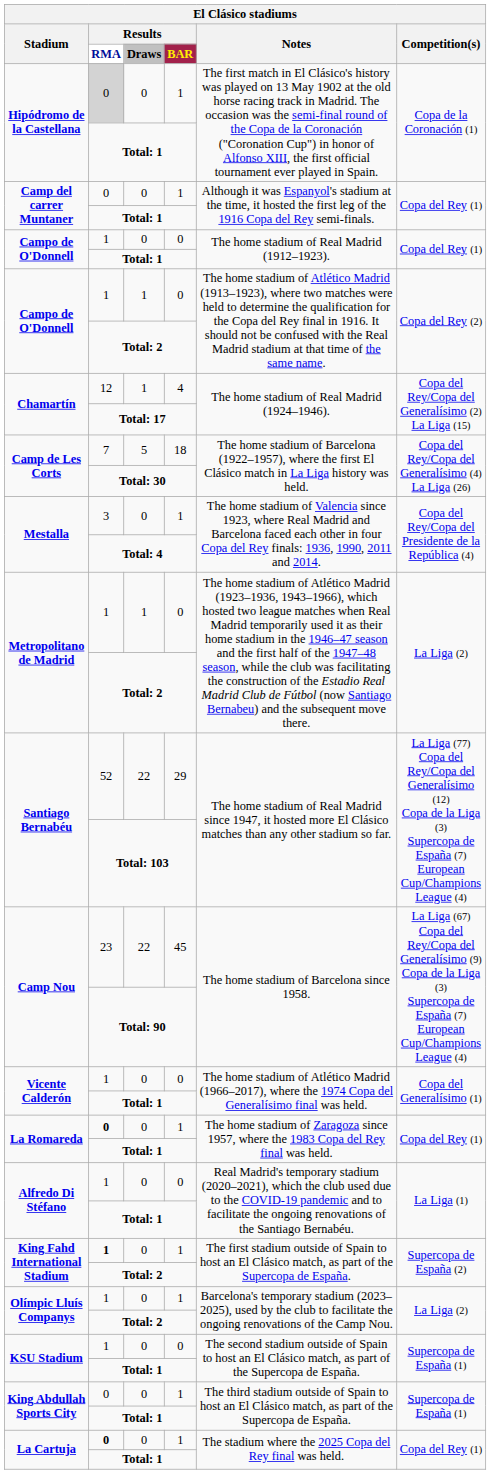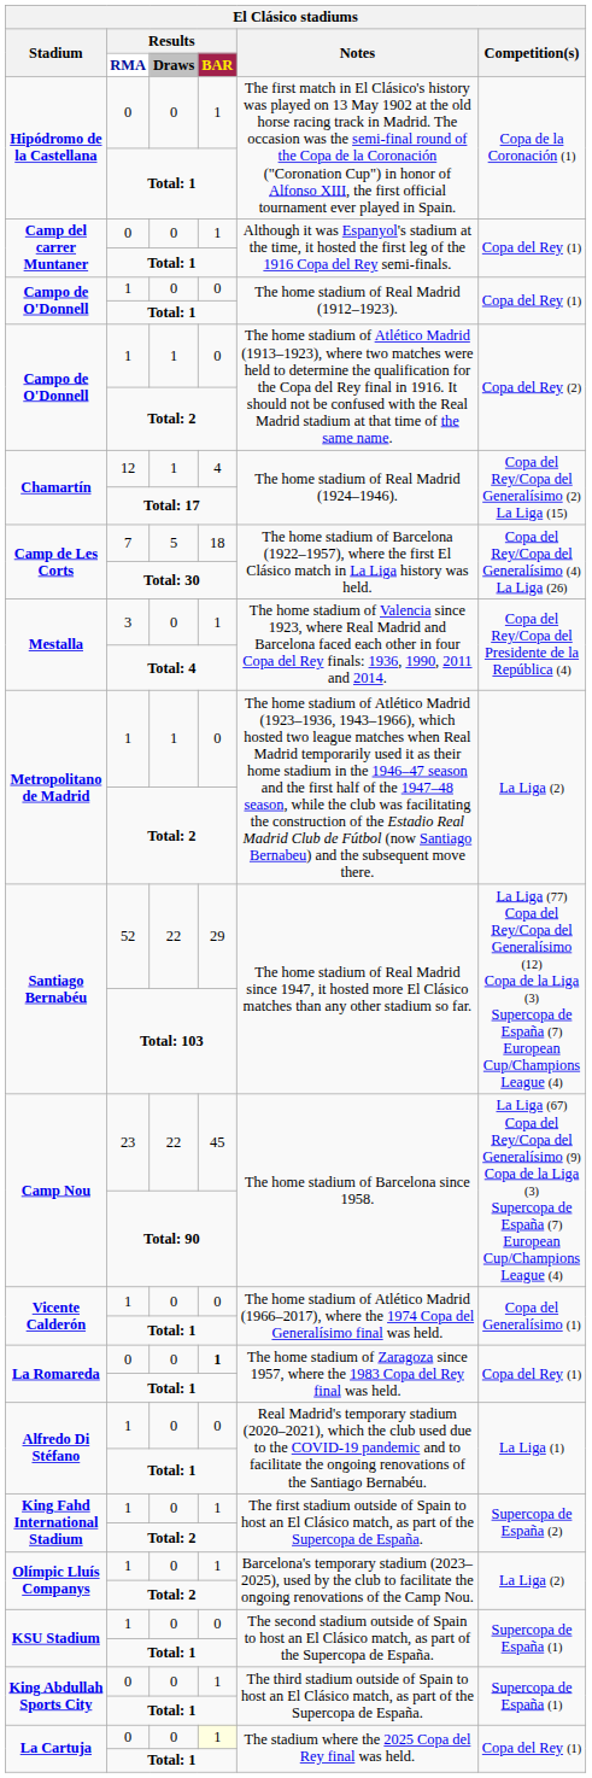 <table class="wikitable" style="font-size:99%; width: 99%; text-align: center;">
 <tr>
 <th colspan="8" style="text-align: center;">El Clásico stadiums</th>
 </tr>
 <tr>
 <th style=width:12% rowspan="2">Stadium</th>
 <th style=width:5% colspan="3">Results</th>
 <th style=width:40% rowspan="2">Notes</th>
 <th style=width:15% rowspan="2">Competition(s)</th>
 </tr>
 <tr>
 <th style="color:#000c99; background:#fff;">RMA</th>
 <td style="background:silver;"><strong>Draws</strong></td>
 <th style="color:#fff000; background:#A2214B;">BAR</th>
 </tr>
 <tr>
 <td style=width:10% rowspan="2"><strong><a href='#'>Hipódromo de la Castellana</a></strong></td>
-<td style="background: lightgrey;">0</td>
+<td>0</td>
 <td>0</td>
 <td>1</td>
 <td style=width:10% rowspan="2">The first match in El Clásico's history was played on 13 May 1902 at the old horse racing track in Madrid. The occasion was the <a href='#'>semi-final round of the Copa de la Coronación</a> ("Coronation Cup") in honor of <a href='#'>Alfonso XIII</a>, the first official tournament ever played in Spain.</td>
 <td style=width:10% rowspan="2"><a href='#'>Copa de la Coronación</a> <small>(1)</small></td>
 </tr>
 <tr>
 <td style=width:5% colspan="3"><strong>Total: 1</strong></td>
 </tr>
 <tr>
 <td style=width:10% rowspan="2"><strong><a href='#'>Camp del carrer Muntaner</a></strong></td>
 <td>0</td>
 <td>0</td>
 <td>1</td>
 <td style=width:10% rowspan="2">Although it was <a href='#'>Espanyol</a>'s stadium at the time, it hosted the first leg of the <a href='#'>1916 Copa del Rey</a> semi-finals.</td>
 <td style=width:10% rowspan="2"><a href='#'>Copa del Rey</a> <small>(1)</small></td>
 </tr>
 <tr>
 <td style=width:5% colspan="3"><strong>Total: 1</strong></td>
 </tr>
 <tr>
 <td style=width:10% rowspan="2"><strong><a href='#'>Campo de O'Donnell</a></strong></td>
 <td>1</td>
 <td>0</td>
 <td>0</td>
 <td style=width:10% rowspan="2">The home stadium of Real Madrid (1912–1923).</td>
 <td style=width:10% rowspan="2"><a href='#'>Copa del Rey</a> <small>(1)</small></td>
 </tr>
 <tr>
 <td style=width:5% colspan="3"><strong>Total: 1</strong></td>
 </tr>
 <tr>
 <td style=width:10% rowspan="2"><strong><a href='#'>Campo de O'Donnell</a></strong></td>
 <td>1</td>
 <td>1</td>
 <td>0</td>
 <td style=width:10% rowspan="2">The home stadium of <a href='#'>Atlético Madrid</a> (1913–1923), where two matches were held to determine the qualification for the Copa del Rey final in 1916. It should not be confused with the Real Madrid stadium at that time of <a href='#'>the same name</a>.</td>
 <td style=width:10% rowspan="2"><a href='#'>Copa del Rey</a> <small>(2)</small></td>
 </tr>
 <tr>
 <td style=width:5% colspan="3"><strong>Total: 2</strong></td>
 </tr>
 <tr>
 <td style=width:10% rowspan="2"><strong><a href='#'>Chamartín</a></strong></td>
 <td>12</td>
 <td>1</td>
 <td>4</td>
 <td style=width:10% rowspan="2">The home stadium of Real Madrid (1924–1946).</td>
 <td style=width:10% rowspan="2"><a href='#'>Copa del Rey/Copa del Generalísimo</a> <small>(2)</small> <br> <a href='#'>La Liga</a> <small>(15)</small></td>
 </tr>
 <tr>
 <td style=width:5% colspan="3"><strong>Total: 17</strong></td>
 </tr>
 <tr>
 <td style=width:10% rowspan="2"><strong><a href='#'>Camp de Les Corts</a></strong></td>
 <td>7</td>
 <td>5</td>
 <td>18</td>
 <td style=width:10% rowspan="2">The home stadium of Barcelona (1922–1957), where the first El Clásico match in <a href='#'>La Liga</a> history was held.</td>
 <td style=width:10% rowspan="2"><a href='#'>Copa del Rey/Copa del Generalísimo</a> <small>(4)</small> <br> <a href='#'>La Liga</a> <small>(26)</small></td>
 </tr>
 <tr>
 <td style=width:5% colspan="3"><strong>Total: 30</strong></td>
 </tr>
 <tr>
 <td style=width:10% rowspan="2"><strong><a href='#'>Mestalla</a></strong></td>
 <td>3</td>
 <td>0</td>
 <td>1</td>
 <td style=width:10% rowspan="2">The home stadium of <a href='#'>Valencia</a> since 1923, where Real Madrid and Barcelona faced each other in four <a href='#'>Copa del Rey</a> finals: <a href='#'>1936</a>, <a href='#'>1990</a>, <a href='#'>2011</a> and <a href='#'>2014</a>.</td>
 <td style=width:10% rowspan="2"><a href='#'>Copa del Rey/Copa del Presidente de la República</a> <small>(4)</small></td>
 </tr>
 <tr>
 <td style=width:5% colspan="3"><strong>Total: 4</strong></td>
 </tr>
 <tr>
 <td style=width:10% rowspan="2"><strong><a href='#'>Metropolitano de Madrid</a></strong></td>
 <td>1</td>
 <td>1</td>
 <td>0</td>
 <td style=width:10% rowspan="2">The home stadium of Atlético Madrid (1923–1936, 1943–1966), which hosted two league matches when Real Madrid temporarily used it as their home stadium in the <a href='#'>1946–47 season</a> and the first half of the <a href='#'>1947–48 season</a>, while the club was facilitating the construction of the <em>Estadio Real Madrid Club de Fútbol</em> (now <a href='#'>Santiago Bernabeu</a>) and the subsequent move there.</td>
 <td style=width:10% rowspan="2"><a href='#'>La Liga</a> <small>(2)</small></td>
 </tr>
 <tr>
 <td style=width:5% colspan="3"><strong>Total: 2</strong></td>
 </tr>
 <tr>
 <td style=width:10% rowspan="2"><strong><a href='#'>Santiago Bernabéu</a></strong></td>
 <td>52</td>
 <td>22</td>
 <td>29</td>
 <td style=width:10% rowspan="2">The home stadium of Real Madrid since 1947, it hosted more El Clásico matches than any other stadium so far.</td>
 <td style=width:10% rowspan="2"><a href='#'>La Liga</a> <small>(77)</small> <br> <a href='#'>Copa del Rey/Copa del Generalísimo</a> <small>(12)</small> <br> <a href='#'>Copa de la Liga</a> <small>(3)</small><br> <a href='#'>Supercopa de España</a> <small>(7)</small> <br> <a href='#'>European Cup/Champions League</a> <small>(4)</small></td>
 </tr>
 <tr>
 <td style=width:5% colspan="3"><strong>Total: 103</strong></td>
 </tr>
 <tr>
 <td style=width:10% rowspan="2"><strong><a href='#'>Camp Nou</a></strong></td>
 <td>23</td>
 <td>22</td>
 <td>45</td>
 <td style=width:10% rowspan="2">The home stadium of Barcelona since 1958.</td>
 <td style=width:10% rowspan="2"><a href='#'>La Liga</a> <small>(67)</small> <br> <a href='#'>Copa del Rey/Copa del Generalísimo</a> <small>(9)</small> <br> <a href='#'>Copa de la Liga</a> <small>(3)</small><br> <a href='#'>Supercopa de España</a> <small>(7)</small> <br> <a href='#'>European Cup/Champions League</a> <small>(4)</small></td>
 </tr>
 <tr>
 <td style=width:5% colspan="3"><strong>Total: 90</strong></td>
 </tr>
 <tr>
 <td style=width:10% rowspan="2"><strong><a href='#'>Vicente Calderón</a></strong></td>
 <td>1</td>
 <td>0</td>
 <td>0</td>
 <td style=width:10% rowspan="2">The home stadium of Atlético Madrid (1966–2017), where the <a href='#'>1974 Copa del Generalísimo final</a> was held.</td>
 <td style=width:10% rowspan="2"><a href='#'>Copa del Generalísimo</a> <small>(1)</small></td>
 </tr>
 <tr>
 <td style=width:5% colspan="3"><strong>Total: 1</strong></td>
 </tr>
 <tr>
 <td style=width:10% rowspan="2"><strong><a href='#'>La Romareda</a></strong></td>
-<td><strong>0</strong></td>
 <td>0</td>
-<td>1</td>
+<td>0</td>
+<td><strong>1</strong></td>
 <td style=width:10% rowspan="2">The home stadium of <a href='#'>Zaragoza</a> since 1957, where the <a href='#'>1983 Copa del Rey final</a> was held.</td>
 <td style=width:10% rowspan="2"><a href='#'>Copa del Rey</a> <small>(1)</small></td>
 </tr>
 <tr>
 <td style=width:5% colspan="3"><strong>Total: 1</strong></td>
 </tr>
 <tr>
 <td style=width:10% rowspan="2"><strong><a href='#'>Alfredo Di Stéfano</a></strong></td>
 <td>1</td>
 <td>0</td>
 <td>0</td>
 <td style=width:10% rowspan="2">Real Madrid's temporary stadium (2020–2021), which the club used due to the <a href='#'>COVID-19 pandemic</a> and to facilitate the ongoing renovations of the Santiago Bernabéu.</td>
 <td style=width:10% rowspan="2"><a href='#'>La Liga</a> <small>(1)</small></td>
 </tr>
 <tr>
 <td style=width:5% colspan="3"><strong>Total: 1</strong></td>
 </tr>
 <tr>
 <td style=width:10% rowspan="2"><strong><a href='#'>King Fahd International Stadium</a></strong></td>
-<td><strong>1</strong></td>
+<td>1</td>
 <td>0</td>
 <td>1</td>
 <td style=width:10% rowspan="2">The first stadium outside of Spain to host an El Clásico match, as part of the <a href='#'>Supercopa de España</a>.</td>
 <td style=width:10% rowspan="2"><a href='#'>Supercopa de España</a> <small>(2)</small></td>
 </tr>
 <tr>
 <td style=width:5% colspan="3"><strong>Total: 2</strong></td>
 </tr>
 <tr>
 <td style=width:10% rowspan="2"><strong><a href='#'>Olímpic Lluís Companys</a></strong></td>
 <td>1</td>
 <td>0</td>
 <td>1</td>
 <td style=width:10% rowspan="2">Barcelona's temporary stadium (2023–2025), used by the club to facilitate the ongoing renovations of the Camp Nou.</td>
 <td style=width:10% rowspan="2"><a href='#'>La Liga</a> <small>(2)</small></td>
 </tr>
 <tr>
 <td style=width:5% colspan="3"><strong>Total: 2</strong></td>
 </tr>
 <tr>
 <td style=width:10% rowspan="2"><strong><a href='#'>KSU Stadium</a></strong></td>
 <td>1</td>
 <td>0</td>
 <td>0</td>
 <td style=width:10% rowspan="2">The second stadium outside of Spain to host an El Clásico match, as part of the Supercopa de España.</td>
 <td style=width:10% rowspan="2"><a href='#'>Supercopa de España</a> <small>(1)</small></td>
 </tr>
 <tr>
 <td style=width:5% colspan="3"><strong>Total: 1</strong></td>
 </tr>
 <tr>
 <td style=width:10% rowspan="2"><strong><a href='#'>King Abdullah Sports City</a></strong></td>
 <td>0</td>
 <td>0</td>
 <td>1</td>
 <td style=width:10% rowspan="2">The third stadium outside of Spain to host an El Clásico match, as part of the Supercopa de España.</td>
 <td style=width:10% rowspan="2"><a href='#'>Supercopa de España</a> <small>(1)</small></td>
 </tr>
 <tr>
 <td style=width:5% colspan="3"><strong>Total: 1</strong></td>
 </tr>
 <tr>
 <td style=width:10% rowspan="2"><strong><a href='#'>La Cartuja</a></strong></td>
-<td><strong>0</strong></td>
 <td>0</td>
-<td>1</td>
+<td>0</td>
+<td style="background: lightyellow;">1</td>
 <td style=width:10% rowspan="2">The stadium where the <a href='#'>2025 Copa del Rey final</a> was held.</td>
 <td style=width:10% rowspan="2"><a href='#'>Copa del Rey</a> <small>(1)</small></td>
 </tr>
 <tr>
 <td style=width:5% colspan="3"><strong>Total: 1</strong></td>
 </tr>
 </table>
